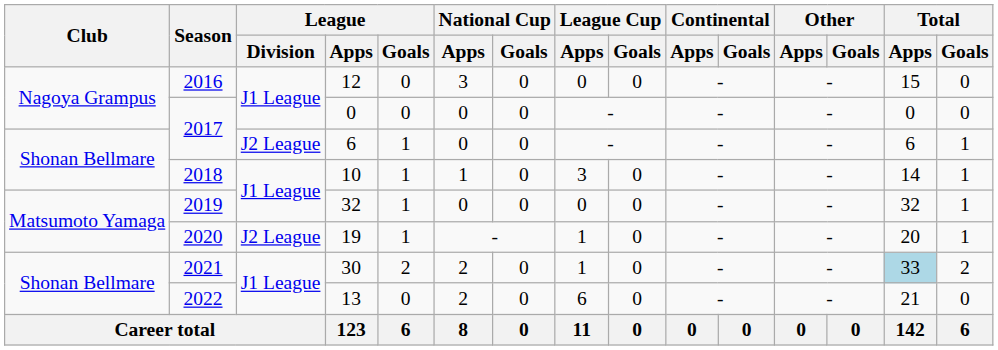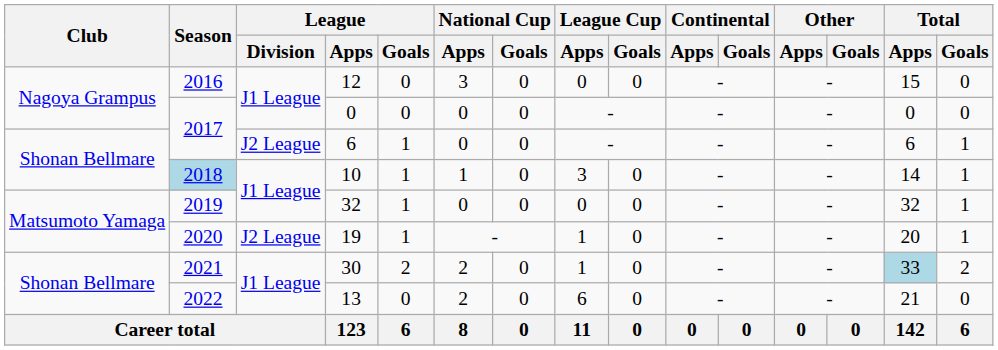 <table class="wikitable" style="text-align: center;">
 <tr>
 <th rowspan="2">Club</th>
 <th rowspan="2">Season</th>
 <th colspan="3">League</th>
 <th colspan="2">National Cup</th>
 <th colspan="2">League Cup</th>
 <th colspan="2">Continental</th>
 <th colspan="2">Other</th>
 <th colspan="2">Total</th>
 </tr>
 <tr>
 <th>Division</th>
 <th>Apps</th>
 <th>Goals</th>
 <th>Apps</th>
 <th>Goals</th>
 <th>Apps</th>
 <th>Goals</th>
 <th>Apps</th>
 <th>Goals</th>
 <th>Apps</th>
 <th>Goals</th>
 <th>Apps</th>
 <th>Goals</th>
 </tr>
 <tr>
 <td rowspan="2" valign="center"><a href='#'>Nagoya Grampus</a></td>
 <td><a href='#'>2016</a></td>
 <td rowspan="2"><a href='#'>J1 League</a></td>
 <td>12</td>
 <td>0</td>
 <td>3</td>
 <td>0</td>
 <td>0</td>
 <td>0</td>
 <td colspan="2">-</td>
 <td colspan="2">-</td>
 <td>15</td>
 <td>0</td>
 </tr>
 <tr>
 <td rowspan="2"><a href='#'>2017</a></td>
 <td>0</td>
 <td>0</td>
 <td>0</td>
 <td>0</td>
 <td colspan="2">-</td>
 <td colspan="2">-</td>
 <td colspan="2">-</td>
 <td>0</td>
 <td>0</td>
 </tr>
 <tr>
 <td rowspan="2" valign="center"><a href='#'>Shonan Bellmare</a></td>
 <td><a href='#'>J2 League</a></td>
 <td>6</td>
 <td>1</td>
 <td>0</td>
 <td>0</td>
 <td colspan="2">-</td>
 <td colspan="2">-</td>
 <td colspan="2">-</td>
 <td>6</td>
 <td>1</td>
 </tr>
 <tr>
-<td><a href='#'>2018</a></td>
+<td style="background: lightblue;"><a href='#'>2018</a></td>
 <td rowspan="2"><a href='#'>J1 League</a></td>
 <td>10</td>
 <td>1</td>
 <td>1</td>
 <td>0</td>
 <td>3</td>
 <td>0</td>
 <td colspan="2">-</td>
 <td colspan="2">-</td>
 <td>14</td>
 <td>1</td>
 </tr>
 <tr>
 <td rowspan="2"><a href='#'>Matsumoto Yamaga</a></td>
 <td><a href='#'>2019</a></td>
 <td>32</td>
 <td>1</td>
 <td>0</td>
 <td>0</td>
 <td>0</td>
 <td>0</td>
 <td colspan="2">-</td>
 <td colspan="2">-</td>
 <td>32</td>
 <td>1</td>
 </tr>
 <tr>
 <td><a href='#'>2020</a></td>
 <td><a href='#'>J2 League</a></td>
 <td>19</td>
 <td>1</td>
 <td colspan="2">-</td>
 <td>1</td>
 <td>0</td>
 <td colspan="2">-</td>
 <td colspan="2">-</td>
 <td>20</td>
 <td>1</td>
 </tr>
 <tr>
 <td rowspan="2"><a href='#'>Shonan Bellmare</a></td>
 <td><a href='#'>2021</a></td>
 <td rowspan="2"><a href='#'>J1 League</a></td>
 <td>30</td>
 <td>2</td>
 <td>2</td>
 <td>0</td>
 <td>1</td>
 <td>0</td>
 <td colspan="2">-</td>
 <td colspan="2">-</td>
 <td style="background: lightblue;">33</td>
 <td>2</td>
 </tr>
 <tr>
 <td><a href='#'>2022</a></td>
 <td>13</td>
 <td>0</td>
 <td>2</td>
 <td>0</td>
 <td>6</td>
 <td>0</td>
 <td colspan="2">-</td>
 <td colspan="2">-</td>
 <td>21</td>
 <td>0</td>
 </tr>
 <tr>
 <th colspan="3">Career total</th>
 <th>123</th>
 <th>6</th>
 <th>8</th>
 <th>0</th>
 <th>11</th>
 <th>0</th>
 <th>0</th>
 <th>0</th>
 <th>0</th>
 <th>0</th>
 <th>142</th>
 <th>6</th>
 </tr>
 </table>
